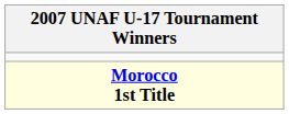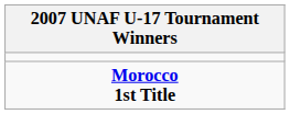 <table class="wikitable" style="text-align: center; margin: 0 auto; width: 20%">
 <tr>
 <th>2007 UNAF U-17 Tournament Winners</th>
 </tr>
 <tr>
 <td></td>
 </tr>
 <tr>
-<td style="background: lightyellow;"><strong><a href='#'>Morocco</a></strong><br><strong>1st Title</strong></td>
+<td><strong><a href='#'>Morocco</a></strong><br><strong>1st Title</strong></td>
 </tr>
 </table>
